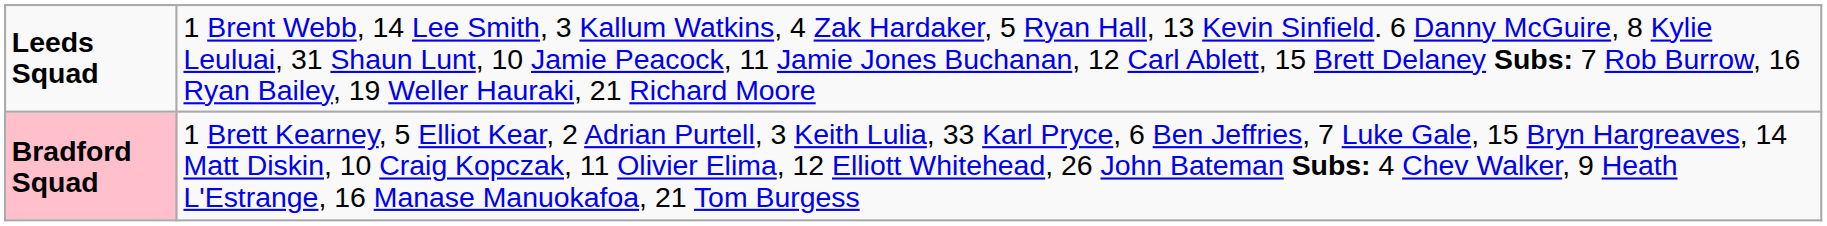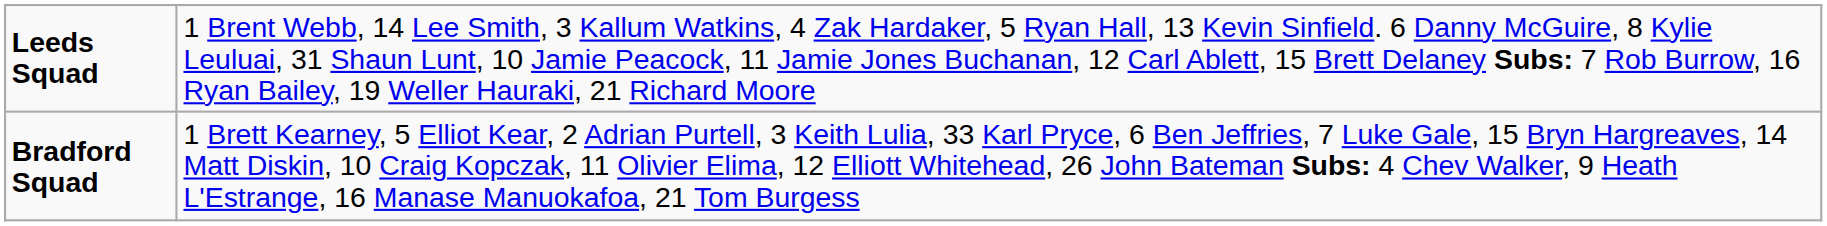 <table class="wikitable" style="font-size:85%;">
 <tr>
 <td><strong>Leeds Squad</strong></td>
 <td>1 <a href='#'>Brent Webb</a>, 14 <a href='#'>Lee Smith</a>, 3 <a href='#'>Kallum Watkins</a>, 4 <a href='#'>Zak Hardaker</a>, 5 <a href='#'>Ryan Hall</a>, 13 <a href='#'>Kevin Sinfield</a>. 6 <a href='#'>Danny McGuire</a>, 8 <a href='#'>Kylie Leuluai</a>, 31 <a href='#'>Shaun Lunt</a>, 10 <a href='#'>Jamie Peacock</a>, 11 <a href='#'>Jamie Jones Buchanan</a>, 12 <a href='#'>Carl Ablett</a>, 15 <a href='#'>Brett Delaney</a> <strong>Subs:</strong> 7 <a href='#'>Rob Burrow</a>, 16 <a href='#'>Ryan Bailey</a>, 19 <a href='#'>Weller Hauraki</a>, 21 <a href='#'>Richard Moore</a></td>
 </tr>
 <tr>
-<td style="background: pink;"><strong>Bradford Squad</strong></td>
+<td><strong>Bradford Squad</strong></td>
 <td>1 <a href='#'>Brett Kearney</a>, 5 <a href='#'>Elliot Kear</a>, 2 <a href='#'>Adrian Purtell</a>, 3 <a href='#'>Keith Lulia</a>, 33 <a href='#'>Karl Pryce</a>, 6 <a href='#'>Ben Jeffries</a>, 7 <a href='#'>Luke Gale</a>, 15 <a href='#'>Bryn Hargreaves</a>, 14 <a href='#'>Matt Diskin</a>, 10 <a href='#'>Craig Kopczak</a>, 11 <a href='#'>Olivier Elima</a>, 12 <a href='#'>Elliott Whitehead</a>, 26 <a href='#'>John Bateman</a> <strong>Subs:</strong> 4 <a href='#'>Chev Walker</a>, 9 <a href='#'>Heath L'Estrange</a>, 16 <a href='#'>Manase Manuokafoa</a>, 21 <a href='#'>Tom Burgess</a></td>
 </tr>
 </table>
